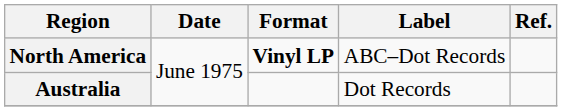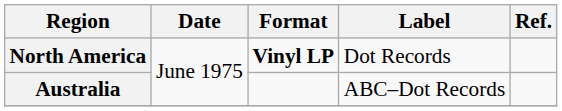 <table class="wikitable plainrowheaders">
 <tr>
 <th scope="col">Region</th>
 <th scope="col">Date</th>
 <th scope="col">Format</th>
 <th scope="col">Label</th>
 <th scope="col">Ref.</th>
 </tr>
 <tr>
 <th scope="row">North America</th>
 <td rowspan="2">June 1975</td>
 <td><strong>Vinyl LP</strong></td>
-<td>ABC–Dot Records</td>
+<td>Dot Records</td>
 <td></td>
 </tr>
 <tr>
 <th scope="row">Australia</th>
 <td></td>
-<td>Dot Records</td>
+<td>ABC–Dot Records</td>
 <td></td>
 </tr>
 <tr>
 </tr>
 </table>
